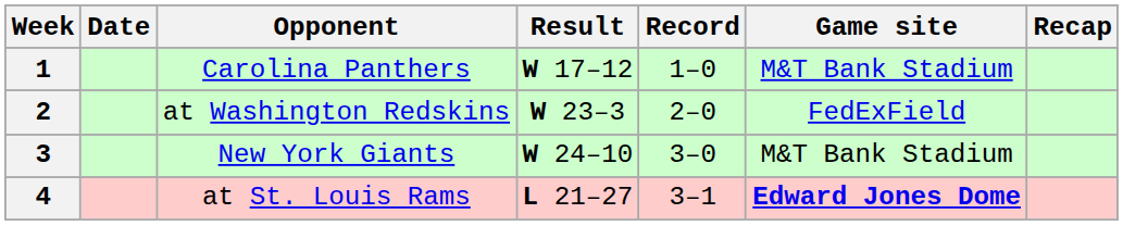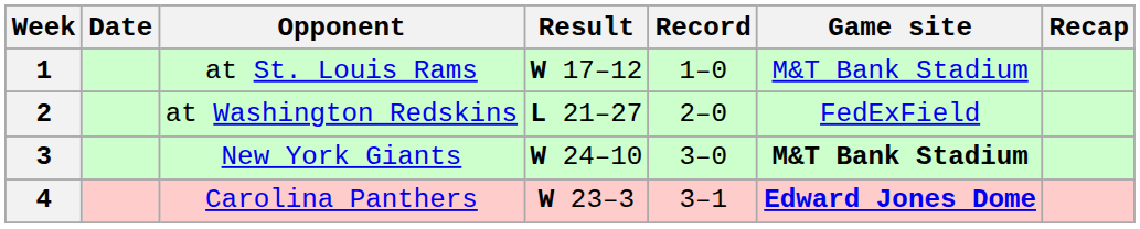 <table class="wikitable" style="text-align:center">
 <tr>
 <th>Week</th>
 <th>Date</th>
 <th>Opponent</th>
 <th>Result</th>
 <th>Record</th>
 <th>Game site</th>
 <th>Recap</th>
 </tr>
 <tr style="background:#cfc;">
 <th>1</th>
 <td></td>
-<td><a href='#'>Carolina Panthers</a></td>
+<td>at <a href='#'>St. Louis Rams</a></td>
 <td><strong>W</strong> 17–12</td>
 <td>1–0</td>
 <td><a href='#'>M&T Bank Stadium</a></td>
 <td></td>
 </tr>
 <tr style="background:#cfc;">
 <th>2</th>
 <td></td>
 <td>at <a href='#'>Washington Redskins</a></td>
-<td><strong>W</strong> 23–3</td>
+<td><strong>L</strong> 21–27</td>
 <td>2–0</td>
 <td><a href='#'>FedExField</a></td>
 <td></td>
 </tr>
 <tr style="background:#cfc;">
 <th>3</th>
 <td></td>
 <td><a href='#'>New York Giants</a></td>
 <td><strong>W</strong> 24–10</td>
 <td>3–0</td>
-<td>M&T Bank Stadium</td>
+<td><strong>M&T Bank Stadium</strong></td>
 <td></td>
 </tr>
 <tr style="background:#fcc;">
 <th>4</th>
 <td></td>
-<td>at <a href='#'>St. Louis Rams</a></td>
-<td><strong>L</strong> 21–27</td>
+<td><a href='#'>Carolina Panthers</a></td>
+<td><strong>W</strong> 23–3</td>
 <td>3–1</td>
 <td><strong><a href='#'>Edward Jones Dome</a></strong></td>
 <td></td>
 </tr>
 </table>
